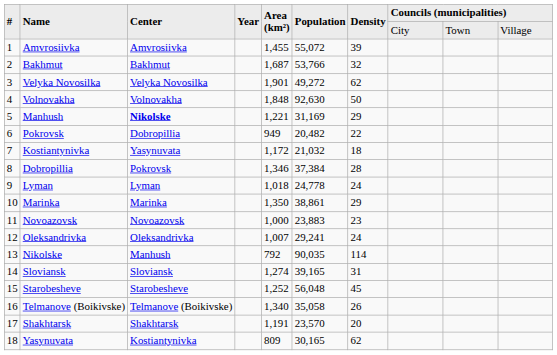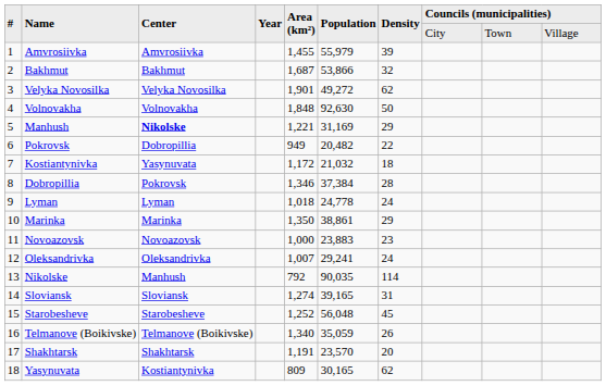 <table class="wikitable">
 <tr bgcolor="#ECECEC">
 <td rowspan=2><strong>#</strong></td>
 <td rowspan=2><strong>Name</strong></td>
 <td rowspan=2><strong>Center</strong></td>
 <td rowspan=2><strong>Year</strong></td>
 <td rowspan=2><strong>Area<br>(km²)</strong></td>
 <td rowspan=2><strong>Population</strong></td>
 <td rowspan=2><strong>Density</strong></td>
 <td colspan=3><strong>Councils (municipalities)</strong></td>
 </tr>
 <tr bgcolor="#ECECEC">
 <td width=10%>City</td>
 <td width=10%>Town</td>
 <td width=10%>Village</td>
 </tr>
 <tr>
 <td>1</td>
 <td><a href='#'>Amvrosiivka</a></td>
 <td><a href='#'>Amvrosiivka</a></td>
 <td></td>
 <td>1,455</td>
-<td>55,072</td>
+<td>55,979</td>
 <td>39</td>
 <td></td>
 <td></td>
 <td></td>
 </tr>
 <tr>
 <td>2</td>
 <td><a href='#'>Bakhmut</a></td>
 <td><a href='#'>Bakhmut</a></td>
 <td></td>
 <td>1,687</td>
-<td>53,766</td>
+<td>53,866</td>
 <td>32</td>
 <td></td>
 <td></td>
 <td></td>
 </tr>
 <tr>
 <td>3</td>
 <td><a href='#'>Velyka Novosilka</a></td>
 <td><a href='#'>Velyka Novosilka</a></td>
 <td></td>
 <td>1,901</td>
 <td>49,272</td>
 <td>62</td>
 <td></td>
 <td></td>
 <td></td>
 </tr>
 <tr>
 <td>4</td>
 <td><a href='#'>Volnovakha</a></td>
 <td><a href='#'>Volnovakha</a></td>
 <td></td>
 <td>1,848</td>
 <td>92,630</td>
 <td>50</td>
 <td></td>
 <td></td>
 <td></td>
 </tr>
 <tr>
 <td>5</td>
 <td><a href='#'>Manhush</a></td>
 <td><strong><a href='#'>Nikolske</a></strong></td>
 <td></td>
 <td>1,221</td>
 <td>31,169</td>
 <td>29</td>
 <td></td>
 <td></td>
 <td></td>
 </tr>
 <tr>
 <td>6</td>
 <td><a href='#'>Pokrovsk</a></td>
 <td><a href='#'>Dobropillia</a></td>
 <td></td>
 <td>949</td>
 <td>20,482</td>
 <td>22</td>
 <td></td>
 <td></td>
 <td></td>
 </tr>
 <tr>
 <td>7</td>
 <td><a href='#'>Kostiantynivka</a></td>
 <td><a href='#'>Yasynuvata</a></td>
 <td></td>
 <td>1,172</td>
 <td>21,032</td>
 <td>18</td>
 <td></td>
 <td></td>
 <td></td>
 </tr>
 <tr>
 <td>8</td>
 <td><a href='#'>Dobropillia</a></td>
 <td><a href='#'>Pokrovsk</a></td>
 <td></td>
 <td>1,346</td>
 <td>37,384</td>
 <td>28</td>
 <td></td>
 <td></td>
 <td></td>
 </tr>
 <tr>
 <td>9</td>
 <td><a href='#'>Lyman</a></td>
 <td><a href='#'>Lyman</a></td>
 <td></td>
 <td>1,018</td>
 <td>24,778</td>
 <td>24</td>
 <td></td>
 <td></td>
 <td></td>
 </tr>
 <tr>
 <td>10</td>
 <td><a href='#'>Marinka</a></td>
 <td><a href='#'>Marinka</a></td>
 <td></td>
 <td>1,350</td>
 <td>38,861</td>
 <td>29</td>
 <td></td>
 <td></td>
 <td></td>
 </tr>
 <tr>
 <td>11</td>
 <td><a href='#'>Novoazovsk</a></td>
 <td><a href='#'>Novoazovsk</a></td>
 <td></td>
 <td>1,000</td>
 <td>23,883</td>
 <td>23</td>
 <td></td>
 <td></td>
 <td></td>
 </tr>
 <tr>
 <td>12</td>
 <td><a href='#'>Oleksandrivka</a></td>
 <td><a href='#'>Oleksandrivka</a></td>
 <td></td>
 <td>1,007</td>
 <td>29,241</td>
 <td>24</td>
 <td></td>
 <td></td>
 <td></td>
 </tr>
 <tr>
 <td>13</td>
 <td><a href='#'>Nikolske</a></td>
 <td><a href='#'>Manhush</a></td>
 <td></td>
 <td>792</td>
 <td>90,035</td>
 <td>114</td>
 <td></td>
 <td></td>
 <td></td>
 </tr>
 <tr>
 <td>14</td>
 <td><a href='#'>Sloviansk</a></td>
 <td><a href='#'>Sloviansk</a></td>
 <td></td>
 <td>1,274</td>
 <td>39,165</td>
 <td>31</td>
 <td></td>
 <td></td>
 <td></td>
 </tr>
 <tr>
 <td>15</td>
 <td><a href='#'>Starobesheve</a></td>
 <td><a href='#'>Starobesheve</a></td>
 <td></td>
 <td>1,252</td>
 <td>56,048</td>
 <td>45</td>
 <td></td>
 <td></td>
 <td></td>
 </tr>
 <tr>
 <td>16</td>
 <td><a href='#'>Telmanove</a> (Boikivske)</td>
 <td><a href='#'>Telmanove</a> (Boikivske)</td>
 <td></td>
 <td>1,340</td>
-<td>35,058</td>
+<td>35,059</td>
 <td>26</td>
 <td></td>
 <td></td>
 <td></td>
 </tr>
 <tr>
 <td>17</td>
 <td><a href='#'>Shakhtarsk</a></td>
 <td><a href='#'>Shakhtarsk</a></td>
 <td></td>
 <td>1,191</td>
 <td>23,570</td>
 <td>20</td>
 <td></td>
 <td></td>
 <td></td>
 </tr>
 <tr>
 <td>18</td>
 <td><a href='#'>Yasynuvata</a></td>
 <td><a href='#'>Kostiantynivka</a></td>
 <td></td>
 <td>809</td>
 <td>30,165</td>
 <td>62</td>
 <td></td>
 <td></td>
 <td></td>
 </tr>
 </table>
